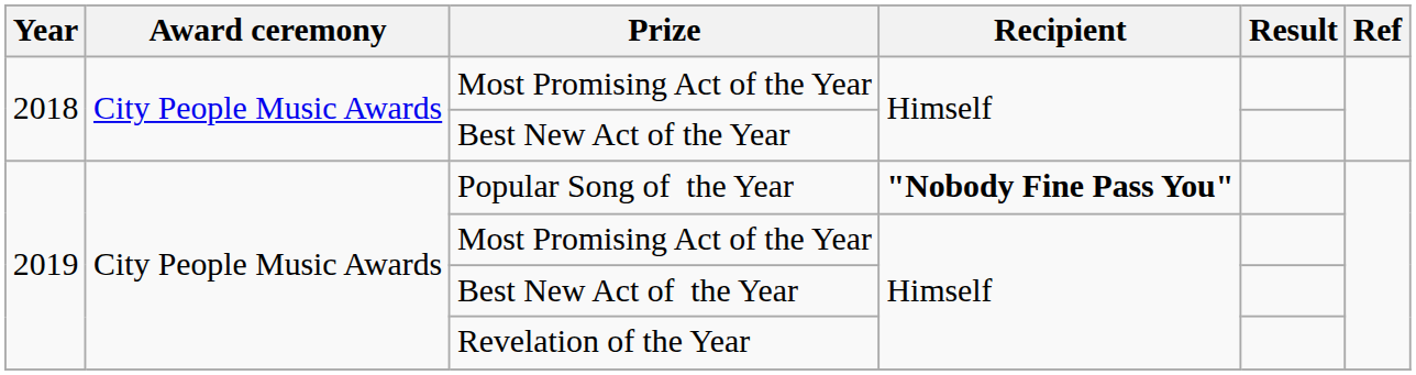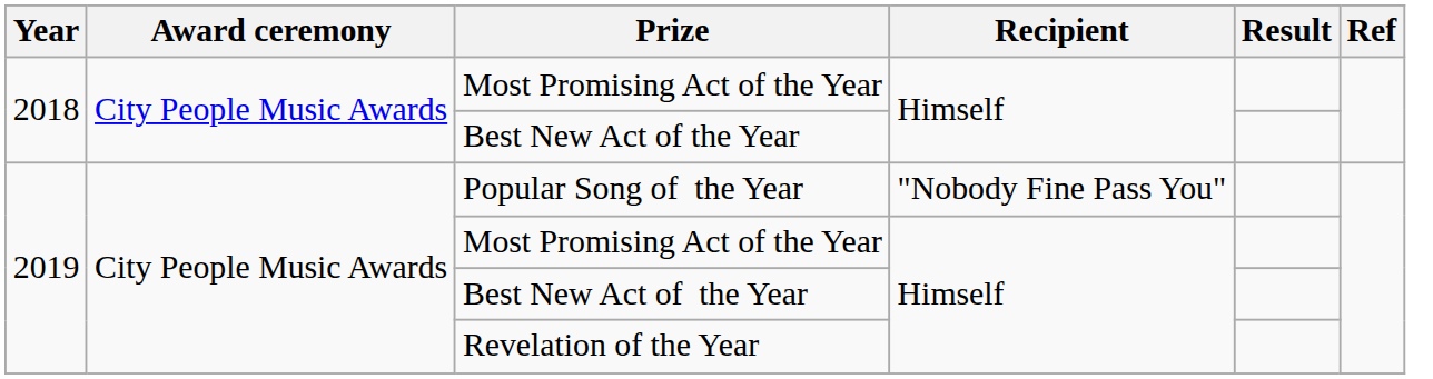 <table class="wikitable">
 <tr>
 <th>Year</th>
 <th>Award ceremony</th>
 <th>Prize</th>
 <th>Recipient</th>
 <th>Result</th>
 <th>Ref</th>
 </tr>
 <tr>
 <td rowspan="2">2018</td>
 <td rowspan="2"><a href='#'>City People Music Awards</a></td>
 <td>Most Promising Act of the Year</td>
 <td rowspan="2">Himself</td>
 <td></td>
 <td rowspan="2"></td>
 </tr>
 <tr>
 <td>Best New Act of  the Year</td>
 <td></td>
 </tr>
 <tr>
 <td rowspan="4">2019</td>
 <td rowspan="4">City People Music Awards</td>
 <td>Popular Song of  the Year</td>
-<td><strong>"Nobody Fine Pass You"</strong></td>
+<td>"Nobody Fine Pass You"</td>
 <td></td>
 <td rowspan="4"></td>
 </tr>
 <tr>
 <td>Most Promising Act of the Year</td>
 <td rowspan="3">Himself</td>
 <td></td>
 </tr>
 <tr>
 <td>Best New Act of  the Year</td>
 <td></td>
 </tr>
 <tr>
 <td>Revelation of the Year</td>
 <td></td>
 </tr>
 </table>
